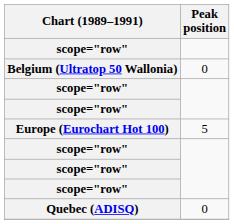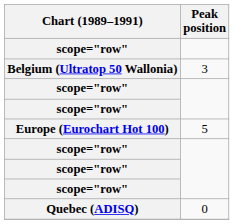 <table class="wikitable sortable plainrowheaders" style="text-align:center">
 <tr>
 <th>Chart (1989–1991)</th>
 <th>Peak<br>position</th>
 </tr>
 <tr>
 <th>scope="row"</th>
 </tr>
 <tr>
 <th scope="row">Belgium (<a href='#'>Ultratop 50</a> Wallonia)</th>
-<td>0</td>
+<td>3</td>
 </tr>
 <tr>
 <th>scope="row"</th>
 </tr>
 <tr>
 <th>scope="row"</th>
 </tr>
 <tr>
 <th scope="row">Europe (<a href='#'>Eurochart Hot 100</a>)</th>
 <td>5</td>
 </tr>
 <tr>
 <th>scope="row"</th>
 </tr>
 <tr>
 <th>scope="row"</th>
 </tr>
 <tr>
 <th>scope="row"</th>
 </tr>
 <tr>
 <th scope="row">Quebec (<a href='#'>ADISQ</a>)</th>
 <td align="center">0</td>
 </tr>
 <tr>
 </tr>
 </table>
